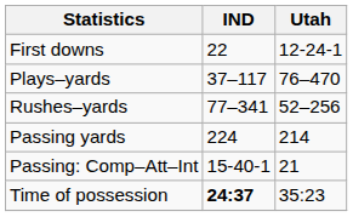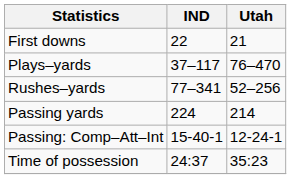 <table class="wikitable">
 <tr>
 <th>Statistics</th>
 <th>IND</th>
 <th>Utah</th>
 </tr>
 <tr>
 <td>First downs</td>
 <td>22</td>
-<td>12-24-1</td>
+<td>21</td>
 </tr>
 <tr>
 <td>Plays–yards</td>
 <td>37–117</td>
 <td>76–470</td>
 </tr>
 <tr>
 <td>Rushes–yards</td>
 <td>77–341</td>
 <td>52–256</td>
 </tr>
 <tr>
 <td>Passing yards</td>
 <td>224</td>
 <td>214</td>
 </tr>
 <tr>
 <td>Passing: Comp–Att–Int</td>
 <td>15-40-1</td>
-<td>21</td>
+<td>12-24-1</td>
 </tr>
 <tr>
 <td>Time of possession</td>
-<td><strong>24:37</strong></td>
+<td>24:37</td>
 <td>35:23</td>
 </tr>
 <tr>
 </tr>
 </table>
